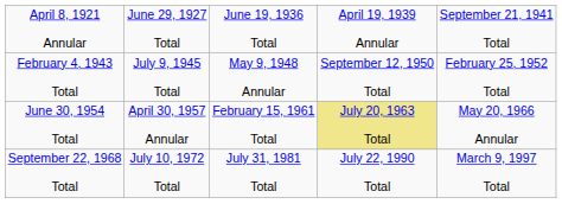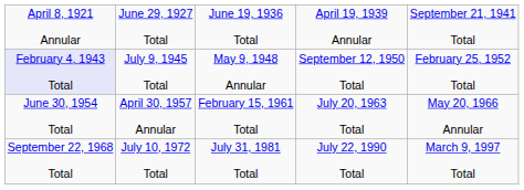 <table class="wikitable sortable">
 <tr align=center>
 <td><a href='#'>April 8, 1921</a><br><br>Annular</td>
 <td><a href='#'>June 29, 1927</a><br><br>Total</td>
 <td><a href='#'>June 19, 1936</a><br><br>Total</td>
 <td><a href='#'>April 19, 1939</a><br><br>Annular</td>
 <td><a href='#'>September 21, 1941</a><br><br>Total</td>
 </tr>
 <tr align=center>
-<td><a href='#'>February 4, 1943</a><br><br>Total</td>
+<td style="background: lavender;"><a href='#'>February 4, 1943</a><br><br>Total</td>
 <td><a href='#'>July 9, 1945</a><br><br>Total</td>
 <td><a href='#'>May 9, 1948</a><br><br>Annular</td>
 <td><a href='#'>September 12, 1950</a><br><br>Total</td>
 <td><a href='#'>February 25, 1952</a><br><br>Total</td>
 </tr>
 <tr align=center>
 <td><a href='#'>June 30, 1954</a><br><br>Total</td>
 <td><a href='#'>April 30, 1957</a><br><br>Annular</td>
 <td><a href='#'>February 15, 1961</a><br><br>Total</td>
-<td style="background: khaki;"><a href='#'>July 20, 1963</a><br><br>Total</td>
+<td><a href='#'>July 20, 1963</a><br><br>Total</td>
 <td><a href='#'>May 20, 1966</a><br><br>Annular</td>
 </tr>
 <tr align=center>
 <td><a href='#'>September 22, 1968</a><br><br>Total</td>
 <td><a href='#'>July 10, 1972</a><br><br>Total</td>
 <td><a href='#'>July 31, 1981</a><br><br>Total</td>
 <td><a href='#'>July 22, 1990</a><br><br>Total</td>
 <td><a href='#'>March 9, 1997</a><br><br>Total</td>
 </tr>
 </table>
